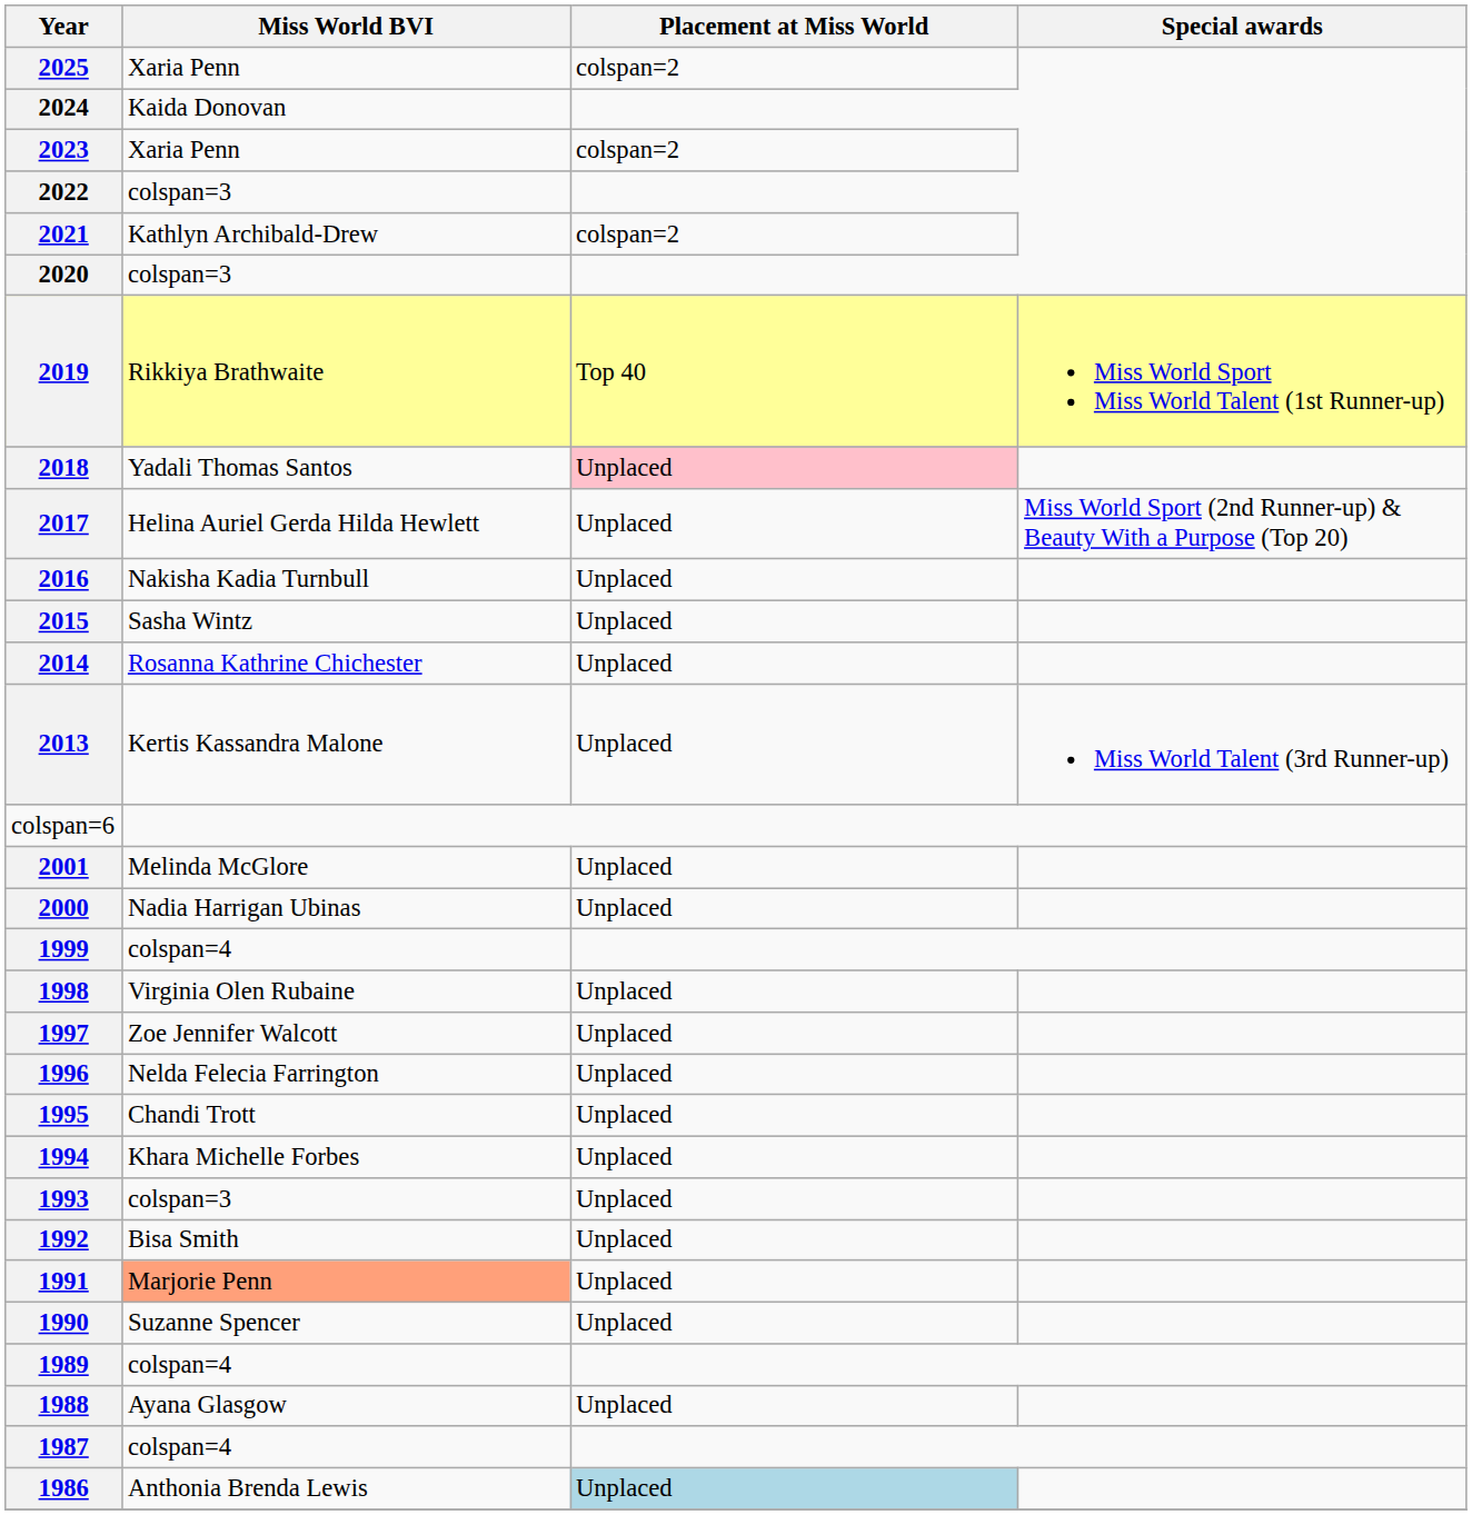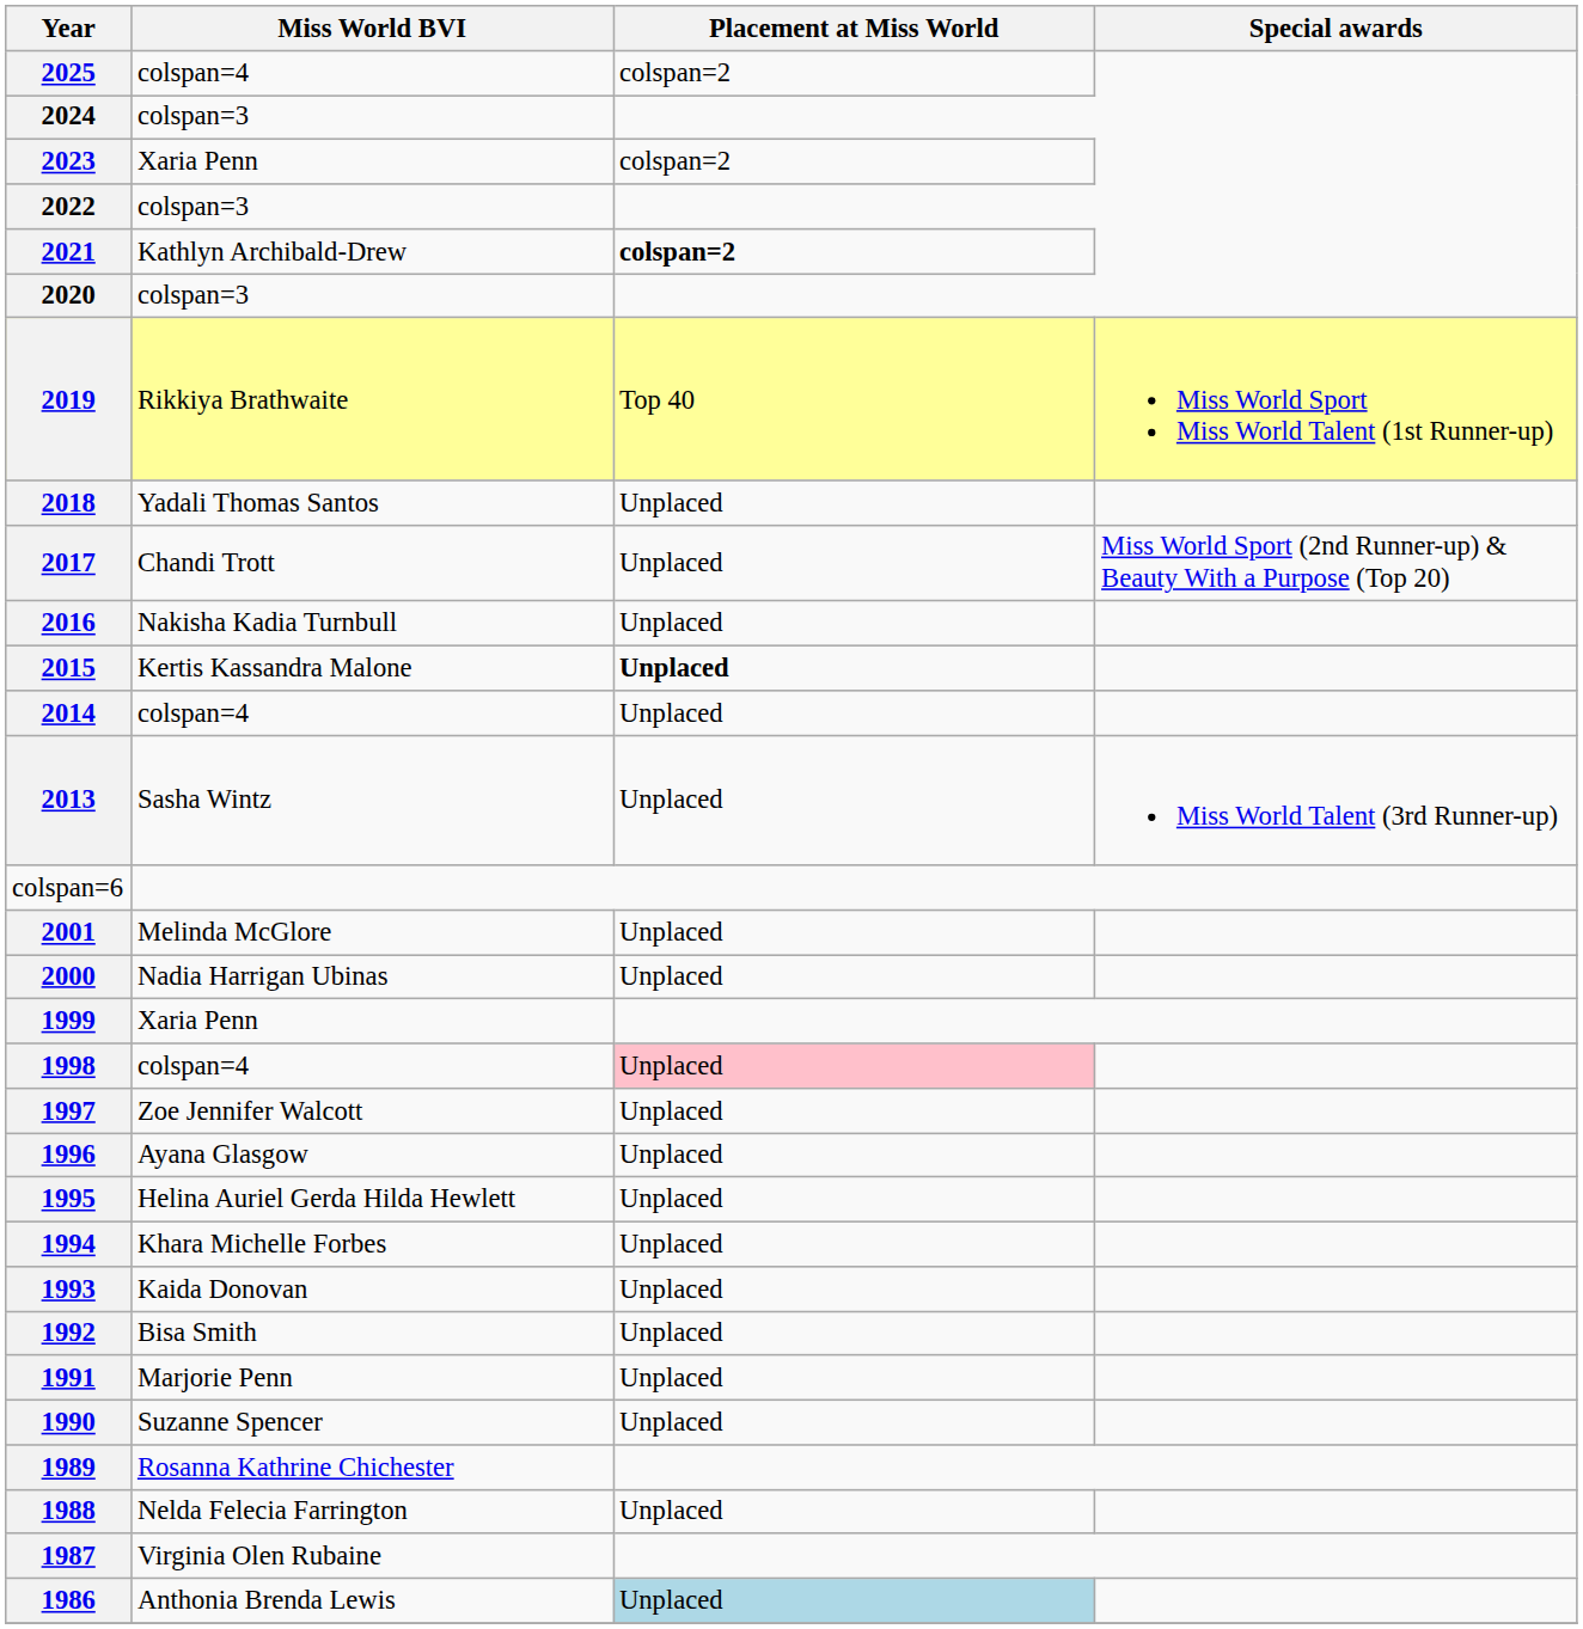 <table class="wikitable " style="font-size: 90%;">
 <tr>
 <th width="60">Year</th>
 <th width="250">Miss World BVI</th>
 <th width="250">Placement at Miss World</th>
 <th width="250">Special awards</th>
 </tr>
 <tr>
 <th><a href='#'>2025</a></th>
-<td>Xaria Penn</td>
+<td>colspan=4 </td>
 <td>colspan=2 </td>
 </tr>
 <tr>
 <th>2024</th>
-<td>Kaida Donovan</td>
+<td>colspan=3 </td>
 </tr>
 <tr>
 <th><a href='#'>2023</a></th>
 <td>Xaria Penn</td>
 <td>colspan=2 </td>
 </tr>
 <tr>
 <th>2022</th>
 <td>colspan=3 </td>
 </tr>
 <tr>
 <th><a href='#'>2021</a></th>
 <td>Kathlyn Archibald-Drew</td>
-<td>colspan=2 </td>
+<td><strong>colspan=2 </strong></td>
 </tr>
 <tr>
 <th>2020</th>
 <td>colspan=3 </td>
 </tr>
 <tr style="background-color:#FFFF99;">
 <th><a href='#'>2019</a></th>
 <td>Rikkiya Brathwaite</td>
 <td>Top 40</td>
 <td><br><ul><li><a href='#'>Miss World Sport</a></li><li><a href='#'>Miss World Talent</a> (1st Runner-up)</li></ul></td>
 </tr>
 <tr>
 <th><a href='#'>2018</a></th>
 <td>Yadali Thomas Santos</td>
-<td style="background: pink;">Unplaced</td>
+<td>Unplaced</td>
 <td></td>
 </tr>
 <tr>
 <th><a href='#'>2017</a></th>
-<td>Helina Auriel Gerda Hilda Hewlett</td>
+<td>Chandi Trott</td>
 <td>Unplaced</td>
 <td><a href='#'>Miss World Sport</a> (2nd Runner-up) & <a href='#'>Beauty With a Purpose</a> (Top 20)</td>
 </tr>
 <tr>
 <th><a href='#'>2016</a></th>
 <td>Nakisha Kadia Turnbull</td>
 <td>Unplaced</td>
 <td></td>
 </tr>
 <tr>
 <th><a href='#'>2015</a></th>
-<td>Sasha Wintz</td>
-<td>Unplaced</td>
+<td>Kertis Kassandra Malone</td>
+<td><strong>Unplaced</strong></td>
 <td></td>
 </tr>
 <tr>
 <th><a href='#'>2014</a></th>
-<td><a href='#'>Rosanna Kathrine Chichester</a></td>
+<td>colspan=4 </td>
 <td>Unplaced</td>
 <td></td>
 </tr>
 <tr>
 <th><a href='#'>2013</a></th>
-<td>Kertis Kassandra Malone</td>
+<td>Sasha Wintz</td>
 <td>Unplaced</td>
 <td><br><ul><li><a href='#'>Miss World Talent</a> (3rd Runner-up)</li></ul></td>
 </tr>
 <tr>
 <td>colspan=6 </td>
 </tr>
 <tr>
 <th><a href='#'>2001</a></th>
 <td>Melinda McGlore</td>
 <td>Unplaced</td>
 <td></td>
 </tr>
 <tr>
 <th><a href='#'>2000</a></th>
 <td>Nadia Harrigan Ubinas</td>
 <td>Unplaced</td>
 <td></td>
 </tr>
 <tr>
 <th><a href='#'>1999</a></th>
-<td>colspan=4 </td>
+<td>Xaria Penn</td>
 </tr>
 <tr>
 <th><a href='#'>1998</a></th>
-<td>Virginia Olen Rubaine</td>
-<td>Unplaced</td>
+<td>colspan=4 </td>
+<td style="background: pink;">Unplaced</td>
 <td></td>
 </tr>
 <tr>
 <th><a href='#'>1997</a></th>
 <td>Zoe Jennifer Walcott</td>
 <td>Unplaced</td>
 <td></td>
 </tr>
 <tr>
 <th><a href='#'>1996</a></th>
-<td>Nelda Felecia Farrington</td>
+<td>Ayana Glasgow</td>
 <td>Unplaced</td>
 <td></td>
 </tr>
 <tr>
 <th><a href='#'>1995</a></th>
-<td>Chandi Trott</td>
+<td>Helina Auriel Gerda Hilda Hewlett</td>
 <td>Unplaced</td>
 <td></td>
 </tr>
 <tr>
 <th><a href='#'>1994</a></th>
 <td>Khara Michelle Forbes</td>
 <td>Unplaced</td>
 <td></td>
 </tr>
 <tr>
 <th><a href='#'>1993</a></th>
-<td>colspan=3 </td>
+<td>Kaida Donovan</td>
 <td>Unplaced</td>
 <td></td>
 </tr>
 <tr>
 <th><a href='#'>1992</a></th>
 <td>Bisa Smith</td>
 <td>Unplaced</td>
 <td></td>
 </tr>
 <tr>
 <th><a href='#'>1991</a></th>
-<td style="background: lightsalmon;">Marjorie Penn</td>
+<td>Marjorie Penn</td>
 <td>Unplaced</td>
 <td></td>
 </tr>
 <tr>
 <th><a href='#'>1990</a></th>
 <td>Suzanne Spencer</td>
 <td>Unplaced</td>
 <td></td>
 </tr>
 <tr>
 <th><a href='#'>1989</a></th>
-<td>colspan=4 </td>
+<td><a href='#'>Rosanna Kathrine Chichester</a></td>
 </tr>
 <tr>
 <th><a href='#'>1988</a></th>
-<td>Ayana Glasgow</td>
+<td>Nelda Felecia Farrington</td>
 <td>Unplaced</td>
 <td></td>
 </tr>
 <tr>
 <th><a href='#'>1987</a></th>
-<td>colspan=4 </td>
+<td>Virginia Olen Rubaine</td>
 </tr>
 <tr>
 <th><a href='#'>1986</a></th>
 <td>Anthonia Brenda Lewis</td>
 <td style="background: lightblue;">Unplaced</td>
 <td></td>
 </tr>
 <tr>
 </tr>
 </table>
